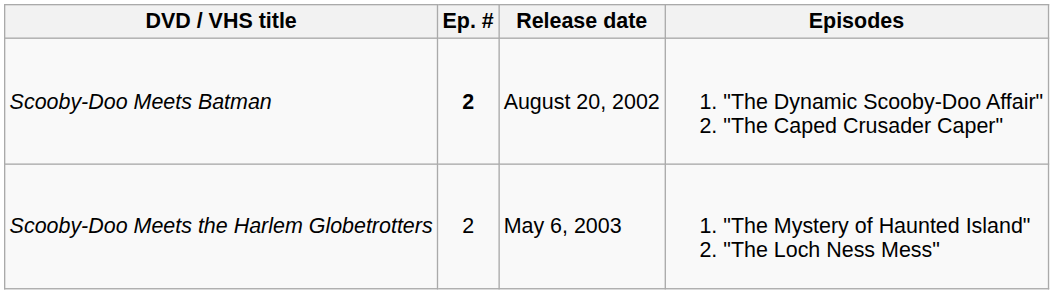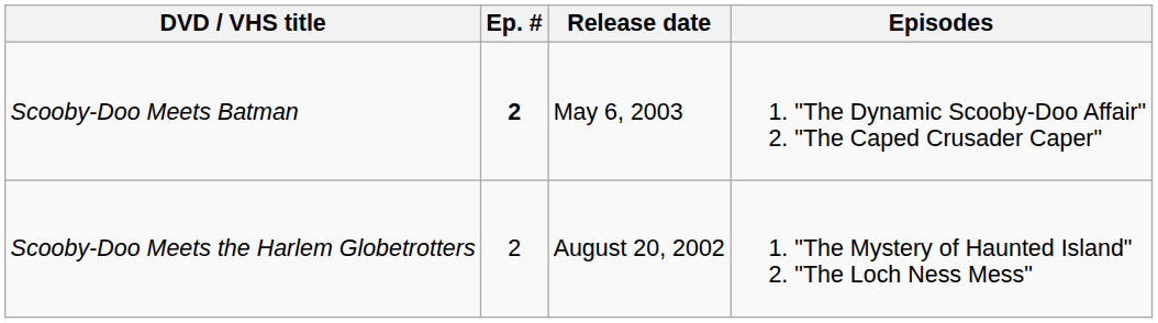 <table class="wikitable">
 <tr>
 <th>DVD / VHS title</th>
 <th>Ep. #</th>
 <th>Release date</th>
 <th>Episodes</th>
 </tr>
 <tr>
 <td><em>Scooby-Doo Meets Batman</em></td>
 <td style="text-align:center;"><strong>2</strong></td>
-<td>August 20, 2002</td>
+<td>May 6, 2003</td>
 <td><br><ol><li>"The Dynamic Scooby-Doo Affair"</li><li>"The Caped Crusader Caper"</li></ol></td>
 </tr>
 <tr>
 <td><em>Scooby-Doo Meets the Harlem Globetrotters</em></td>
 <td style="text-align:center;">2</td>
-<td>May 6, 2003</td>
+<td>August 20, 2002</td>
 <td><br><ol><li>"The Mystery of Haunted Island"</li><li>"The Loch Ness Mess"</li></ol></td>
 </tr>
 </table>
